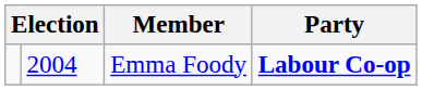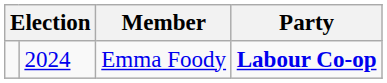 <table class="wikitable">
 <tr>
 <th colspan="2">Election</th>
 <th>Member</th>
 <th>Party</th>
 </tr>
 <tr>
 <td style="color:inherit;background-color: "></td>
-<td><a href='#'>2004</a></td>
+<td><a href='#'>2024</a></td>
 <td><a href='#'>Emma Foody</a></td>
 <td><strong><a href='#'>Labour Co-op</a></strong></td>
 </tr>
 </table>
